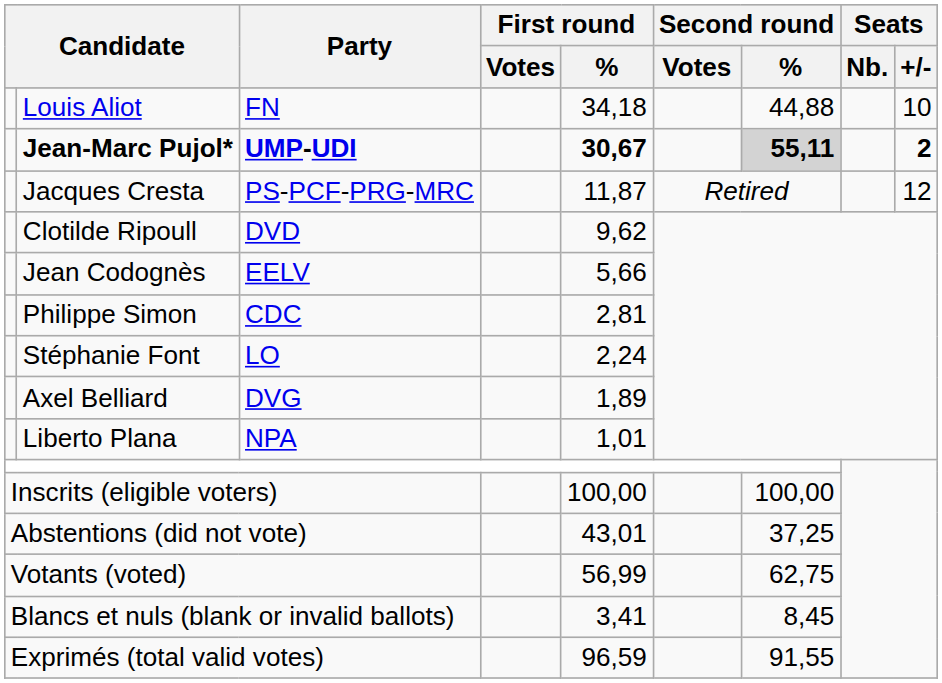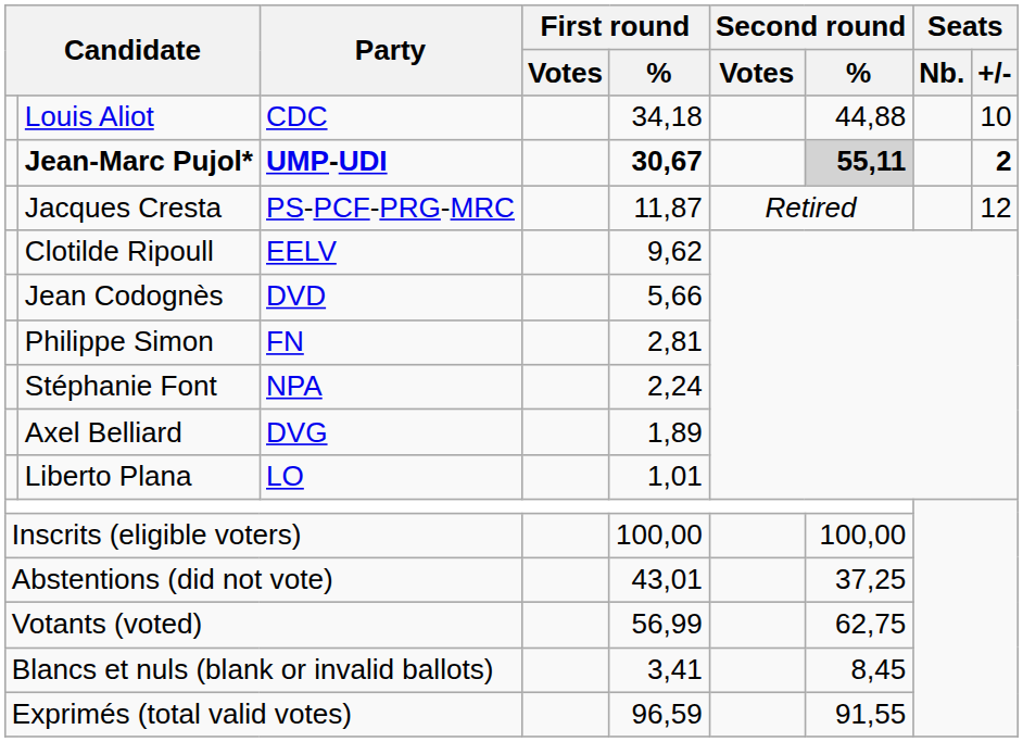 <table class="wikitable centre">
 <tr>
 <th scope="col" rowspan=2 colspan=2>Candidate</th>
 <th scope="col" rowspan=2 colspan=1>Party</th>
 <th scope="col" colspan=2>First round</th>
 <th scope="col" colspan=2>Second round</th>
 <th scope="col" colspan=2>Seats</th>
 </tr>
 <tr>
 <th scope="col">Votes</th>
 <th scope="col">%</th>
 <th scope="col">Votes</th>
 <th scope="col">%</th>
 <th scope="col">Nb.</th>
 <th scope="col">+/-</th>
 </tr>
 <tr>
 <td style="color:inherit;background:"></td>
 <td><a href='#'>Louis Aliot</a></td>
-<td><a href='#'>FN</a></td>
+<td><a href='#'>CDC</a></td>
 <td style="text-align: right"></td>
 <td style="text-align: right">34,18</td>
 <td style="text-align: right"></td>
 <td style="text-align: right">44,88</td>
 <td style="text-align: right"></td>
 <td style="text-align: right"> 10</td>
 </tr>
 <tr>
 <td style="color:inherit;background:"></td>
 <td><strong>Jean-Marc Pujol*</strong></td>
 <td><strong><a href='#'>UMP</a>-<a href='#'>UDI</a></strong></td>
 <td style="text-align: right"><strong></strong></td>
 <td style="text-align: right"><strong>30,67</strong></td>
 <td style="text-align: right"><strong></strong></td>
 <td style="background: lightgrey; text-align: right"><strong>55,11</strong></td>
 <td style="text-align: right"><strong></strong></td>
 <td style="text-align: right"><strong> 2</strong></td>
 </tr>
 <tr>
 <td style="color:inherit;background:"></td>
 <td>Jacques Cresta</td>
 <td><a href='#'>PS</a>-<a href='#'>PCF</a>-<a href='#'>PRG</a>-<a href='#'>MRC</a></td>
 <td style="text-align: right"></td>
 <td style="text-align: right">11,87</td>
 <td style="text-align: center" colspan=2><em>Retired</em></td>
 <td style="text-align: right"></td>
 <td style="text-align: right"> 12</td>
 </tr>
 <tr>
 <td style="color:inherit;background:"></td>
 <td>Clotilde Ripoull</td>
-<td><a href='#'>DVD</a></td>
+<td><a href='#'>EELV</a></td>
 <td style="text-align: right"></td>
 <td style="text-align: right">9,62</td>
 <td colspan=9 rowspan=6></td>
 </tr>
 <tr>
 <td style="color:inherit;background:"></td>
 <td>Jean Codognès</td>
-<td><a href='#'>EELV</a></td>
+<td><a href='#'>DVD</a></td>
 <td style="text-align: right"></td>
 <td style="text-align: right">5,66</td>
 </tr>
 <tr>
 <td style="color:inherit;background:"></td>
 <td>Philippe Simon</td>
-<td><a href='#'>CDC</a></td>
+<td><a href='#'>FN</a></td>
 <td style="text-align: right"></td>
 <td style="text-align: right">2,81</td>
 </tr>
 <tr>
 <td style="color:inherit;background:"></td>
 <td>Stéphanie Font</td>
-<td><a href='#'>LO</a></td>
+<td><a href='#'>NPA</a></td>
 <td style="text-align: right"></td>
 <td style="text-align: right">2,24</td>
 </tr>
 <tr>
 <td style="color:inherit;background:"></td>
 <td>Axel Belliard</td>
 <td><a href='#'>DVG</a></td>
 <td style="text-align: right"></td>
 <td style="text-align: right">1,89</td>
 </tr>
 <tr>
 <td style="color:inherit;background:"></td>
 <td>Liberto Plana</td>
-<td><a href='#'>NPA</a></td>
+<td><a href='#'>LO</a></td>
 <td style="text-align: right"></td>
 <td style="text-align: right">1,01</td>
 </tr>
 <tr bgcolor=white>
 <td colspan=7></td>
 </tr>
 <tr>
 <td colspan=3>Inscrits (eligible voters)</td>
 <td style="text-align: right"></td>
 <td style="text-align: right">100,00</td>
 <td style="text-align: right"></td>
 <td style="text-align: right">100,00</td>
 </tr>
 <tr>
 <td colspan=3>Abstentions (did not vote)</td>
 <td style="text-align: right"></td>
 <td style="text-align: right">43,01</td>
 <td style="text-align: right"></td>
 <td style="text-align: right">37,25</td>
 </tr>
 <tr>
 <td colspan=3>Votants (voted)</td>
 <td style="text-align: right"></td>
 <td style="text-align: right">56,99</td>
 <td style="text-align: right"></td>
 <td style="text-align: right">62,75</td>
 </tr>
 <tr>
 <td colspan=3>Blancs et nuls (blank or invalid ballots)</td>
 <td style="text-align: right"></td>
 <td style="text-align: right">3,41</td>
 <td style="text-align: right"></td>
 <td style="text-align: right">8,45</td>
 </tr>
 <tr>
 <td colspan=3>Exprimés (total valid votes)</td>
 <td style="text-align: right"></td>
 <td style="text-align: right">96,59</td>
 <td style="text-align: right"></td>
 <td style="text-align: right">91,55</td>
 </tr>
 </table>
